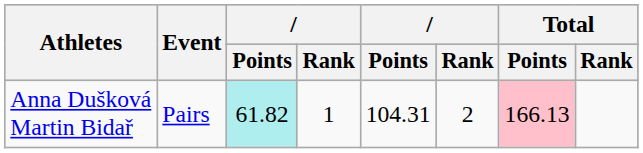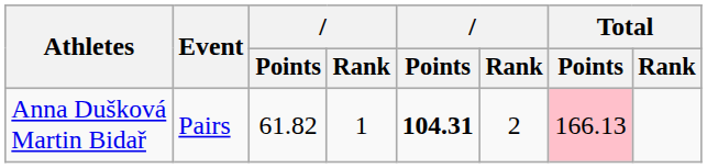 <table class="wikitable" style="font-size:90%">
 <tr>
 <th rowspan=2>Athletes</th>
 <th rowspan=2>Event</th>
 <th colspan=2>/</th>
 <th colspan=2>/</th>
 <th colspan=2>Total</th>
 </tr>
 <tr style="font-size:95%">
 <th>Points</th>
 <th>Rank</th>
 <th>Points</th>
 <th>Rank</th>
 <th>Points</th>
 <th>Rank</th>
 </tr>
 <tr align=center>
 <td align=left><a href='#'>Anna Dušková</a> <br> <a href='#'>Martin Bidař</a></td>
 <td align=left><a href='#'>Pairs</a></td>
-<td style="background: paleturquoise;">61.82</td>
+<td>61.82</td>
 <td>1</td>
-<td>104.31</td>
+<td><strong>104.31</strong></td>
 <td>2</td>
 <td style="background: pink;">166.13</td>
 <td></td>
 </tr>
 </table>
